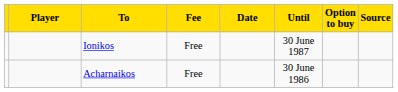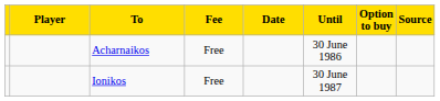 <table class="wikitable sortable">
 <tr>
 <th style="background:#FFDE00"></th>
 <th width=200 style="background:#FFDE00">Player</th>
 <th width=200 style="background:#FFDE00">To</th>
 <th width=150 style="background:#FFDE00">Fee</th>
 <th width=150 style="background:#FFDE00">Date</th>
 <th width=120 style="background:#FFDE00">Until</th>
 <th style="background:#FFDE00">Option to buy</th>
 <th style="background:#FFDE00">Source</th>
 </tr>
 <tr>
 <td align=center></td>
 <td></td>
+<td> <a href='#'>Acharnaikos</a></td>
+<td align=center>Free</td>
+<td align=center></td>
+<td align=center>30 June 1986</td>
+<td align=center></td>
+<td align=center></td>
+</tr>
+<tr>
+<td align=center></td>
+<td></td>
 <td> <a href='#'>Ionikos</a></td>
 <td align=center>Free</td>
 <td align=center></td>
 <td align=center>30 June 1987</td>
 <td align=center></td>
 <td align=center></td>
 </tr>
-<tr>
-<td align=center></td>
-<td></td>
-<td> <a href='#'>Acharnaikos</a></td>
-<td align=center>Free</td>
-<td align=center></td>
-<td align=center>30 June 1986</td>
-<td align=center></td>
-<td align=center></td>
-</tr>
 </table>
